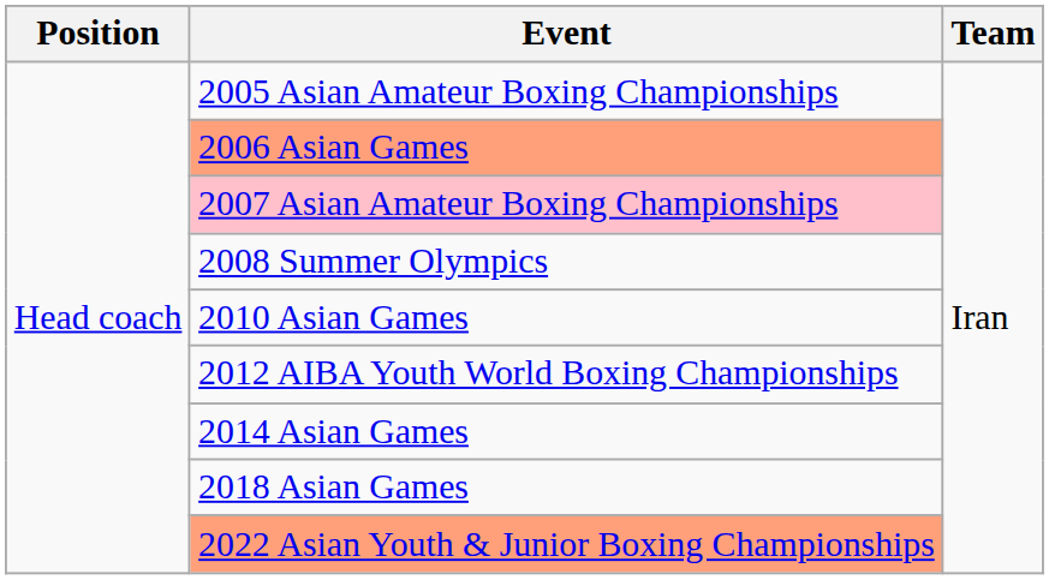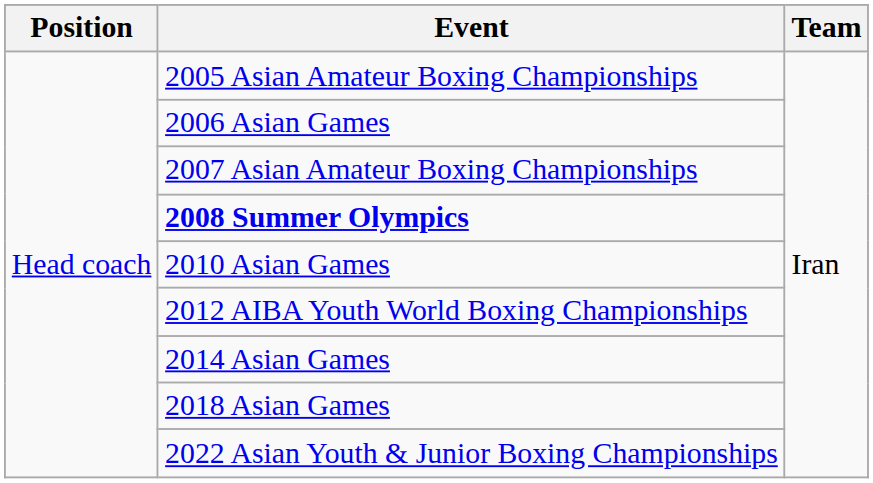 <table class="wikitable">
 <tr>
 <th>Position</th>
 <th>Event</th>
 <th>Team</th>
 </tr>
 <tr>
 <td rowspan="9"><a href='#'>Head coach</a></td>
 <td><a href='#'>2005 Asian Amateur Boxing Championships</a></td>
 <td rowspan="9">Iran</td>
 </tr>
 <tr>
-<td style="background: lightsalmon;"><a href='#'>2006 Asian Games</a></td>
+<td><a href='#'>2006 Asian Games</a></td>
 </tr>
 <tr>
-<td style="background: pink;"><a href='#'>2007 Asian Amateur Boxing Championships</a></td>
+<td><a href='#'>2007 Asian Amateur Boxing Championships</a></td>
 </tr>
 <tr>
-<td><a href='#'>2008 Summer Olympics</a></td>
+<td><strong><a href='#'>2008 Summer Olympics</a></strong></td>
 </tr>
 <tr>
 <td><a href='#'>2010 Asian Games</a></td>
 </tr>
 <tr>
 <td><a href='#'>2012 AIBA Youth World Boxing Championships</a></td>
 </tr>
 <tr>
 <td><a href='#'>2014 Asian Games</a></td>
 </tr>
 <tr>
 <td><a href='#'>2018 Asian Games</a></td>
 </tr>
 <tr>
-<td style="background: lightsalmon;"><a href='#'>2022 Asian Youth & Junior Boxing Championships</a></td>
+<td><a href='#'>2022 Asian Youth & Junior Boxing Championships</a></td>
 </tr>
 </table>
